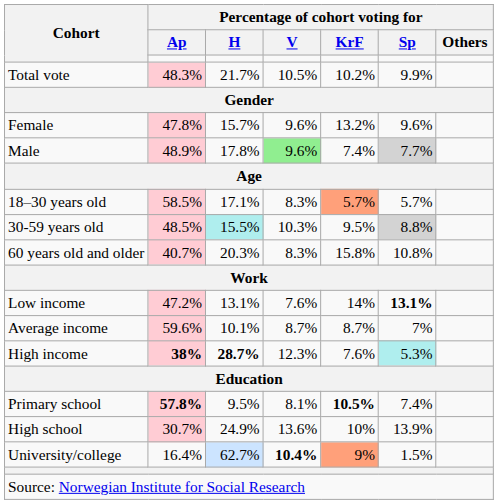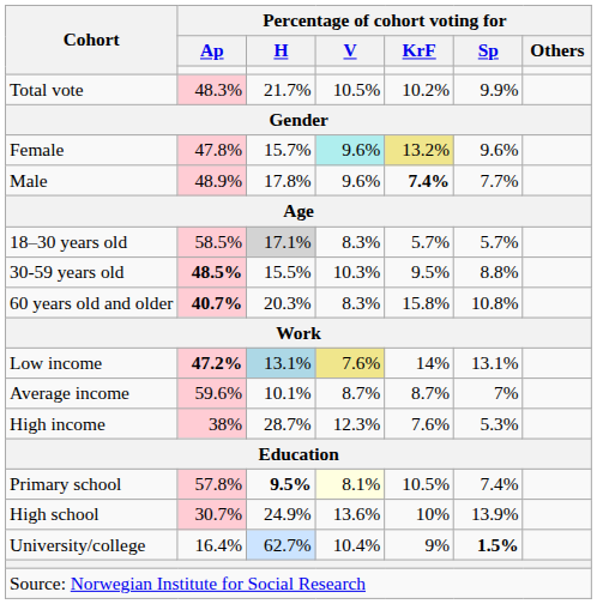 <table class=wikitable style="font-size:95%; text-align:right">
 <tr>
 <th rowspan=3>Cohort</th>
 <th colspan=6>Percentage of cohort voting for</th>
 </tr>
 <tr>
 <th width=50px><a href='#'>Ap</a></th>
 <th width=50px><a href='#'>H</a></th>
 <th width=50px><a href='#'>V</a></th>
 <th width=50px><a href='#'>KrF</a></th>
 <th width=50px><a href='#'>Sp</a></th>
 <th width=50px>Others</th>
 </tr>
 <tr>
 <td bgcolor=></td>
 <td bgcolor=></td>
 <td bgcolor=></td>
 <td bgcolor=></td>
 <td bgcolor=></td>
 <td bgcolor=></td>
 </tr>
 <tr>
 <td align=left>Total vote</td>
 <td bgcolor=#ffccd4>48.3%</td>
 <td>21.7%</td>
 <td>10.5%</td>
 <td>10.2%</td>
 <td>9.9%</td>
 <td></td>
 </tr>
 <tr>
 <th colspan=7>Gender</th>
 </tr>
 <tr>
 <td align=left>Female</td>
 <td bgcolor=#ffccd4>47.8%</td>
 <td>15.7%</td>
-<td>9.6%</td>
-<td>13.2%</td>
+<td style="background: paleturquoise;">9.6%</td>
+<td style="background: khaki;">13.2%</td>
 <td>9.6%</td>
 <td></td>
 </tr>
 <tr>
 <td align=left>Male</td>
 <td bgcolor=#ffccd4>48.9%</td>
 <td>17.8%</td>
-<td style="background: lightgreen;">9.6%</td>
-<td>7.4%</td>
-<td style="background: lightgrey;">7.7%</td>
+<td>9.6%</td>
+<td><strong>7.4%</strong></td>
+<td>7.7%</td>
 <td></td>
 </tr>
 <tr>
 <th colspan=7>Age</th>
 </tr>
 <tr>
 <td align=left>18–30 years old</td>
 <td bgcolor=#ffccd4>58.5%</td>
-<td>17.1%</td>
+<td style="background: lightgrey;">17.1%</td>
 <td>8.3%</td>
-<td style="background: lightsalmon;">5.7%</td>
+<td>5.7%</td>
 <td>5.7%</td>
 <td></td>
 </tr>
 <tr>
 <td align=left>30-59 years old</td>
-<td bgcolor=#ffccd4>48.5%</td>
-<td style="background: paleturquoise;">15.5%</td>
+<td bgcolor=#ffccd4><strong>48.5%</strong></td>
+<td>15.5%</td>
 <td>10.3%</td>
 <td>9.5%</td>
-<td style="background: lightgrey;">8.8%</td>
+<td>8.8%</td>
 <td></td>
 </tr>
 <tr>
 <td align=left>60 years old and older</td>
-<td bgcolor=#ffccd4>40.7%</td>
+<td bgcolor=#ffccd4><strong>40.7%</strong></td>
 <td>20.3%</td>
 <td>8.3%</td>
 <td>15.8%</td>
 <td>10.8%</td>
 <td></td>
 </tr>
 <tr>
 <th colspan=7>Work</th>
 </tr>
 <tr>
 <td align=left>Low income</td>
-<td bgcolor=#ffccd4>47.2%</td>
+<td bgcolor=#ffccd4><strong>47.2%</strong></td>
+<td style="background: lightblue;">13.1%</td>
+<td style="background: khaki;">7.6%</td>
+<td>14%</td>
 <td>13.1%</td>
-<td>7.6%</td>
-<td>14%</td>
-<td><strong>13.1%</strong></td>
 <td></td>
 </tr>
 <tr>
 <td align=left>Average income</td>
 <td bgcolor=#ffccd4>59.6%</td>
 <td>10.1%</td>
 <td>8.7%</td>
 <td>8.7%</td>
 <td>7%</td>
 <td></td>
 </tr>
 <tr>
 <td align=left>High income</td>
-<td bgcolor=#ffccd4><strong>38%</strong></td>
-<td><strong>28.7%</strong></td>
+<td bgcolor=#ffccd4>38%</td>
+<td>28.7%</td>
 <td>12.3%</td>
 <td>7.6%</td>
-<td style="background: paleturquoise;">5.3%</td>
+<td>5.3%</td>
 <td></td>
 </tr>
 <tr>
 <th colspan="7">Education</th>
 </tr>
 <tr>
 <td align=left>Primary school</td>
-<td bgcolor=#ffccd4><strong>57.8%</strong></td>
-<td>9.5%</td>
-<td>8.1%</td>
-<td><strong>10.5%</strong></td>
+<td bgcolor=#ffccd4>57.8%</td>
+<td><strong>9.5%</strong></td>
+<td style="background: lightyellow;">8.1%</td>
+<td>10.5%</td>
 <td>7.4%</td>
 <td></td>
 </tr>
 <tr>
 <td align=left>High school</td>
 <td bgcolor=#ffccd4>30.7%</td>
 <td>24.9%</td>
 <td>13.6%</td>
 <td>10%</td>
 <td>13.9%</td>
 <td></td>
 </tr>
 <tr>
 <td align=left>University/college</td>
 <td>16.4%</td>
 <td bgcolor=#cce4ff>62.7%</td>
-<td><strong>10.4%</strong></td>
-<td style="background: lightsalmon;">9%</td>
-<td>1.5%</td>
+<td>10.4%</td>
+<td>9%</td>
+<td><strong>1.5%</strong></td>
 <td></td>
 </tr>
 <tr>
 <th colspan=11></th>
 </tr>
 <tr>
 <td colspan=7 align=left>Source: <a href='#'>Norwegian Institute for Social Research</a></td>
 </tr>
 </table>
